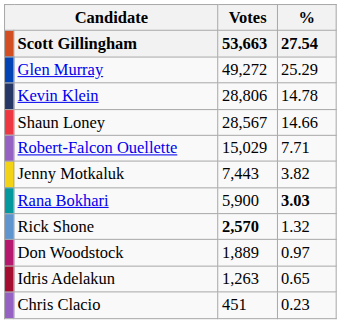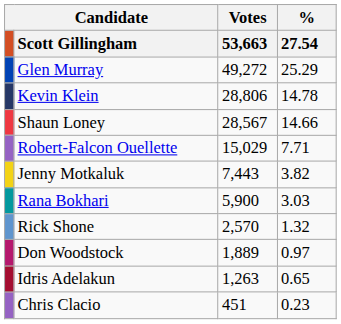 <table class="wikitable">
 <tr>
 <th bgcolor="#DDDDFF" width="200px"; colspan=2>Candidate</th>
 <th bgcolor="#DDDDFF" width="50px">Votes</th>
 <th bgcolor="#DDDDFF" width="50px">%</th>
 </tr>
 <tr>
 <td style="background:#d34e23;"></td>
 <th style="text-align:left; background:#">Scott Gillingham</th>
 <th style="text-align:left; background:#">53,663</th>
 <th style="text-align:left; background:#">27.54</th>
 </tr>
 <tr>
 <td style="background:#0142b4;"></td>
 <td><a href='#'>Glen Murray</a></td>
 <td>49,272</td>
 <td>25.29</td>
 </tr>
 <tr>
 <td style="background:#263766;"></td>
 <td><a href='#'>Kevin Klein</a></td>
 <td>28,806</td>
 <td>14.78</td>
 </tr>
 <tr>
 <td style="background:#ef3741;"></td>
 <td>Shaun Loney</td>
 <td>28,567</td>
 <td>14.66</td>
 </tr>
 <tr>
 <td style="background:#9562c3;"></td>
 <td><a href='#'>Robert-Falcon Ouellette</a></td>
 <td>15,029</td>
 <td>7.71</td>
 </tr>
 <tr>
 <td style="background:#f3d315;"></td>
 <td>Jenny Motkaluk</td>
 <td>7,443</td>
 <td>3.82</td>
 </tr>
 <tr>
 <td style="background:#03989e;"></td>
 <td><a href='#'>Rana Bokhari</a></td>
 <td>5,900</td>
-<td><strong>3.03</strong></td>
+<td>3.03</td>
 </tr>
 <tr>
 <td style="background:#5f95ce;"></td>
 <td>Rick Shone</td>
-<td><strong>2,570</strong></td>
+<td>2,570</td>
 <td>1.32</td>
 </tr>
 <tr>
 <td style="background:#b5186d;"></td>
 <td>Don Woodstock</td>
 <td>1,889</td>
 <td>0.97</td>
 </tr>
 <tr>
 <td style="background:#a40d30;"></td>
 <td>Idris Adelakun</td>
 <td>1,263</td>
 <td>0.65</td>
 </tr>
 <tr>
 <td style="background:#9562c3;"></td>
 <td>Chris Clacio</td>
 <td>451</td>
 <td>0.23</td>
 </tr>
 </table>
